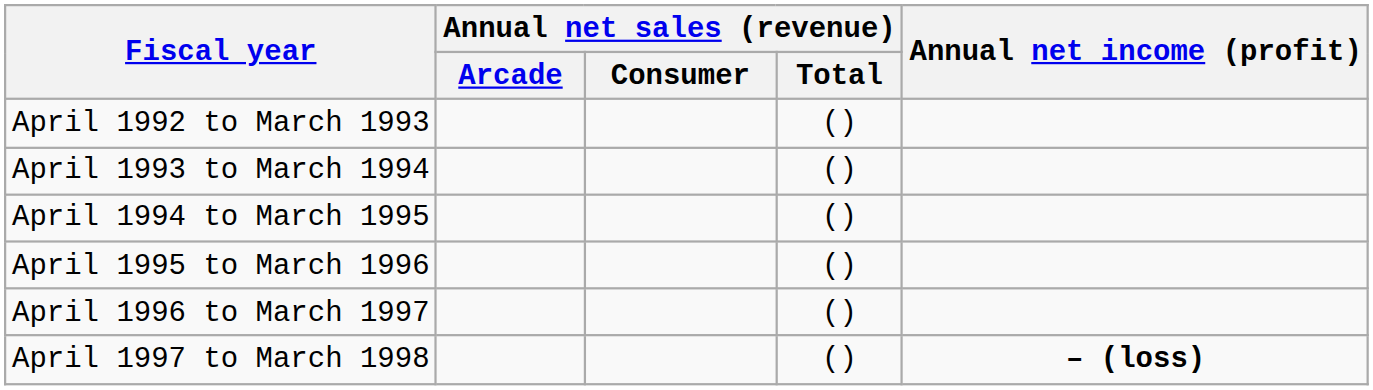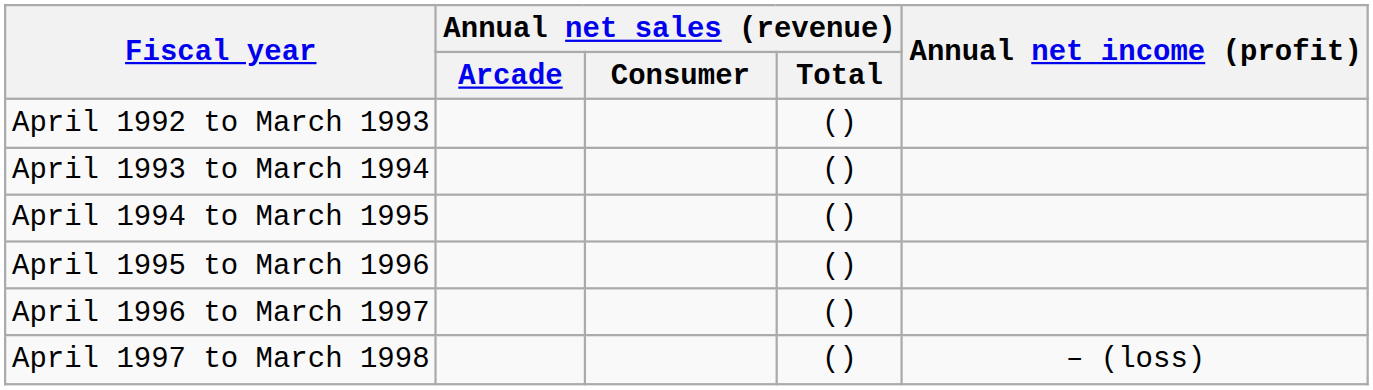 <table class="wikitable sortable" style="text-align:center">
 <tr>
 <th rowspan="2"><a href='#'>Fiscal year</a></th>
 <th colspan="3">Annual <a href='#'>net sales</a> (revenue)</th>
 <th rowspan="2">Annual <a href='#'>net income</a> (profit)</th>
 </tr>
 <tr>
 <th><a href='#'>Arcade</a></th>
 <th>Consumer</th>
 <th>Total</th>
 </tr>
 <tr>
 <td>April 1992 to March 1993</td>
 <td></td>
 <td></td>
 <td> ()</td>
 <td></td>
 </tr>
 <tr>
 <td>April 1993 to March 1994</td>
 <td></td>
 <td></td>
 <td> ()</td>
 <td></td>
 </tr>
 <tr>
 <td>April 1994 to March 1995</td>
 <td></td>
 <td></td>
 <td> ()</td>
 <td></td>
 </tr>
 <tr>
 <td>April 1995 to March 1996</td>
 <td></td>
 <td></td>
 <td> ()</td>
 <td></td>
 </tr>
 <tr>
 <td>April 1996 to March 1997</td>
 <td></td>
 <td></td>
 <td> ()</td>
 <td></td>
 </tr>
 <tr>
 <td>April 1997 to March 1998</td>
 <td></td>
 <td></td>
 <td> ()</td>
-<td><strong>–  (loss)</strong></td>
+<td>–  (loss)</td>
 </tr>
 </table>
